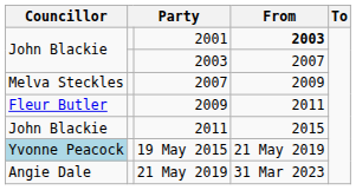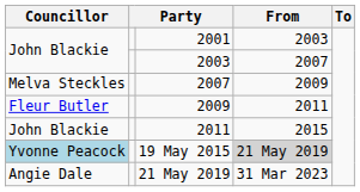 <table class=wikitable>
 <tr>
 <th>Councillor</th>
 <th colspan=2>Party</th>
 <th>From</th>
 <th>To</th>
 </tr>
 <tr>
 <td rowspan=2>John Blackie</td>
 <td></td>
 <td align=right>2001</td>
-<td align=right><strong>2003</strong></td>
+<td align=right>2003</td>
 </tr>
 <tr>
 <td></td>
 <td align=right>2003</td>
 <td align=right>2007</td>
 </tr>
 <tr>
 <td>Melva Steckles</td>
 <td></td>
 <td align=right>2007</td>
 <td align=right>2009</td>
 </tr>
 <tr>
 <td><a href='#'>Fleur Butler</a></td>
 <td></td>
 <td align=right>2009</td>
 <td align=right>2011</td>
 </tr>
 <tr>
 <td>John Blackie</td>
 <td></td>
 <td align=right>2011</td>
 <td align=right>2015</td>
 </tr>
 <tr>
 <td style="background: lightblue;">Yvonne Peacock</td>
 <td></td>
 <td align=right>19 May 2015</td>
-<td align=right>21 May 2019</td>
+<td align=right style="background: lightgrey;">21 May 2019</td>
 </tr>
 <tr>
 <td>Angie Dale</td>
 <td></td>
 <td align=right>21 May 2019</td>
 <td align=right>31 Mar 2023</td>
 </tr>
 </table>
